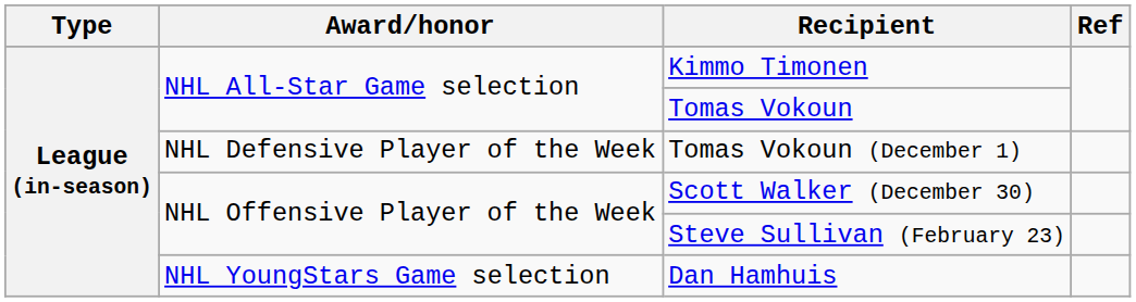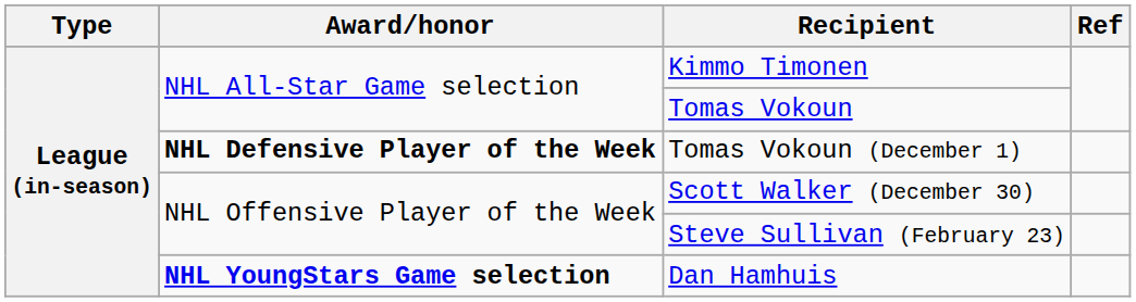 <table class="wikitable">
 <tr>
 <th scope="col">Type</th>
 <th scope="col">Award/honor</th>
 <th scope="col">Recipient</th>
 <th scope="col">Ref</th>
 </tr>
 <tr>
 <th scope="row" rowspan="6">League<br><small>(in-season)</small></th>
 <td rowspan="2"><a href='#'>NHL All-Star Game</a> selection</td>
 <td><a href='#'>Kimmo Timonen</a></td>
 <td rowspan="2"></td>
 </tr>
 <tr>
 <td><a href='#'>Tomas Vokoun</a></td>
 </tr>
 <tr>
-<td>NHL Defensive Player of the Week</td>
+<td><strong>NHL Defensive Player of the Week</strong></td>
 <td>Tomas Vokoun <small>(December 1)</small></td>
 <td></td>
 </tr>
 <tr>
 <td rowspan="2">NHL Offensive Player of the Week</td>
 <td><a href='#'>Scott Walker</a> <small>(December 30)</small></td>
 <td></td>
 </tr>
 <tr>
 <td><a href='#'>Steve Sullivan</a> <small>(February 23)</small></td>
 <td></td>
 </tr>
 <tr>
-<td><a href='#'>NHL YoungStars Game</a> selection</td>
+<td><strong><a href='#'>NHL YoungStars Game</a> selection</strong></td>
 <td><a href='#'>Dan Hamhuis</a></td>
 <td></td>
 </tr>
 </table>
